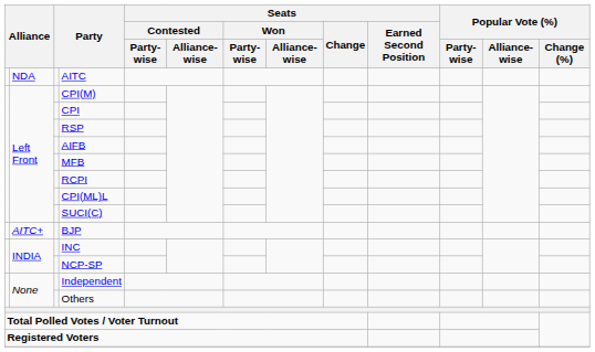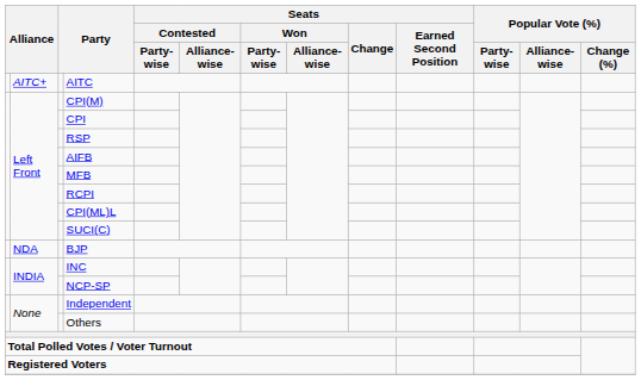 <table class="wikitable">
 <tr>
 <th colspan="2" rowspan="3">Alliance</th>
 <th colspan="2" rowspan="3">Party</th>
 <th colspan="6" rowspan="1">Seats</th>
 <th colspan="3" rowspan="2">Popular Vote (%)</th>
 </tr>
 <tr>
 <th colspan="2">Contested</th>
 <th colspan="2">Won</th>
 <th rowspan="2">Change</th>
 <th rowspan="2">Earned Second Position</th>
 </tr>
 <tr>
 <th>Party-wise</th>
 <th>Alliance-wise</th>
 <th>Party-wise</th>
 <th>Alliance-wise</th>
 <th>Party-wise</th>
 <th>Alliance-wise</th>
 <th>Change (%)</th>
 </tr>
 <tr>
 <td style="background-color: "></td>
-<td><a href='#'>NDA</a></td>
+<td><em><a href='#'>AITC+</a></em></td>
 <td style="background-color: "></td>
 <td><a href='#'>AITC</a></td>
 <td colspan="2" style="text-align:right"></td>
 <td colspan="2" style="text-align:right"></td>
 <td style="text-align:center"></td>
 <td style="text-align:right"></td>
 <td style="text-align:right"></td>
 <td style="text-align:right"></td>
 <td style="text-align:center"></td>
 </tr>
 <tr>
 <td rowspan="8" style="background-color: "></td>
 <td rowspan="8"><a href='#'>Left Front</a></td>
 <td style="background-color: "></td>
 <td><a href='#'>CPI(M)</a></td>
 <td style="text-align:right"></td>
 <td rowspan="8" style="text-align:right"></td>
 <td style="text-align:right"></td>
 <td rowspan="8" style="text-align:right"></td>
 <td style="text-align:center"></td>
 <td style="text-align:right"></td>
 <td style="text-align:right"></td>
 <td rowspan="8" style="text-align:right"></td>
 <td style="text-align:center"></td>
 </tr>
 <tr>
 <td style="background-color: "></td>
 <td><a href='#'>CPI</a></td>
 <td style="text-align:right"></td>
 <td style="text-align:right"></td>
 <td style="text-align:center"></td>
 <td></td>
 <td style="text-align:right"></td>
 <td style="text-align:center"></td>
 </tr>
 <tr>
 <td style="background-color: "></td>
 <td><a href='#'>RSP</a></td>
 <td style="text-align:right"></td>
 <td style="text-align:right"></td>
 <td style="text-align:center"></td>
 <td></td>
 <td style="text-align:right"></td>
 <td style="text-align:center"></td>
 </tr>
 <tr>
 <td style="background-color: "></td>
 <td><a href='#'>AIFB</a></td>
 <td style="text-align:right"></td>
 <td style="text-align:right"></td>
 <td style="text-align:center"></td>
 <td></td>
 <td style="text-align:right"></td>
 <td style="text-align:center"></td>
 </tr>
 <tr>
 <td style="background-color: "></td>
 <td><a href='#'>MFB</a></td>
 <td></td>
 <td></td>
 <td></td>
 <td></td>
 <td></td>
 <td></td>
 </tr>
 <tr>
 <td style="background-color: "></td>
 <td><a href='#'>RCPI</a></td>
 <td></td>
 <td></td>
 <td></td>
 <td></td>
 <td></td>
 <td></td>
 </tr>
 <tr>
 <td style="background-color: "></td>
 <td><a href='#'>CPI(ML)L</a></td>
 <td></td>
 <td></td>
 <td></td>
 <td></td>
 <td></td>
 <td></td>
 </tr>
 <tr>
 <td style="background-color: "></td>
 <td><a href='#'>SUCI(C)</a></td>
 <td></td>
 <td></td>
 <td></td>
 <td></td>
 <td></td>
 <td></td>
 </tr>
 <tr>
 <td style="background-color: "></td>
-<td><em><a href='#'>AITC+</a></em></td>
+<td><a href='#'>NDA</a></td>
 <td style="background-color: "></td>
 <td><a href='#'>BJP</a></td>
 <td colspan="2" style="text-align:right"></td>
 <td colspan="2" style="text-align:right"></td>
 <td style="text-align:center"></td>
 <td style="text-align:right"></td>
 <td style="text-align:right"></td>
 <td style="text-align:right"></td>
 <td style="text-align:center"></td>
 </tr>
 <tr>
 <td rowspan="2" style="background-color: "></td>
 <td rowspan="2"><a href='#'>INDIA</a></td>
 <td style="background-color: "></td>
 <td><a href='#'>INC</a></td>
 <td style="text-align:right"></td>
 <td rowspan="2" style="text-align:right"></td>
 <td style="text-align:right"></td>
 <td rowspan="2" style="text-align:right"></td>
 <td style="text-align:center"></td>
 <td style="text-align:right"></td>
 <td style="text-align:right"></td>
 <td rowspan="2" style="text-align:right"></td>
 <td style="text-align:center"></td>
 </tr>
 <tr>
 <td style="background-color: "></td>
 <td><a href='#'>NCP-SP</a></td>
 <td style="text-align:right"></td>
 <td style="text-align:right"></td>
 <td style="text-align:center"></td>
 <td style="text-align:right"></td>
 <td style="text-align:right"></td>
 <td style="text-align:center"></td>
 </tr>
 <tr>
 <td rowspan="2" style="background-color: "></td>
 <td rowspan="2"><em>None</em></td>
 <td style="background-color: "></td>
 <td><a href='#'>Independent</a></td>
 <td colspan="2" style="text-align:right"></td>
 <td colspan="2" style="text-align:right"></td>
 <td style="text-align:center"></td>
 <td style="text-align:right"></td>
 <td style="text-align:right"></td>
 <td style="text-align:right"></td>
 <td style="text-align:center"></td>
 </tr>
 <tr>
 <td style="background-color: "></td>
 <td>Others</td>
 <td colspan="2" style="text-align:right"></td>
 <td colspan="2" style="text-align:right"></td>
 <td style="text-align:center"></td>
 <td style="text-align:right"></td>
 <td style="text-align:right"></td>
 <td style="text-align:right"></td>
 <td style="text-align:center"></td>
 </tr>
 <tr>
 <th colspan="13"></th>
 </tr>
 <tr>
 <td colspan="9"><strong>Total Polled Votes / Voter Turnout</strong></td>
 <td style="text-align:right"></td>
 <td colspan="2" style="text-align:right"></td>
 <td rowspan="2"></td>
 </tr>
 <tr>
 <td colspan="9"><strong>Registered Voters</strong></td>
 <td style="text-align:right"></td>
 <td colspan="2" style="text-align:right"></td>
 </tr>
 <tr>
 </tr>
 </table>
